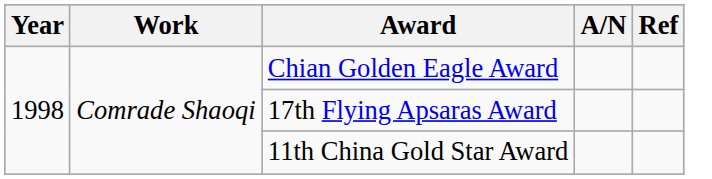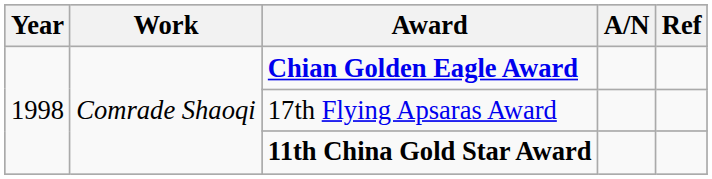 <table class="wikitable">
 <tr>
 <th>Year</th>
 <th>Work</th>
 <th>Award</th>
 <th>A/N</th>
 <th>Ref</th>
 </tr>
 <tr>
 <td rowspan="3">1998</td>
 <td rowspan="3"><em>Comrade Shaoqi</em></td>
-<td><a href='#'>Chian Golden Eagle Award</a></td>
+<td><strong><a href='#'>Chian Golden Eagle Award</a></strong></td>
 <td></td>
 <td></td>
 </tr>
 <tr>
 <td>17th <a href='#'>Flying Apsaras Award</a></td>
 <td></td>
 <td></td>
 </tr>
 <tr>
-<td>11th China Gold Star Award</td>
+<td><strong>11th China Gold Star Award</strong></td>
 <td></td>
 <td></td>
 </tr>
 </table>
